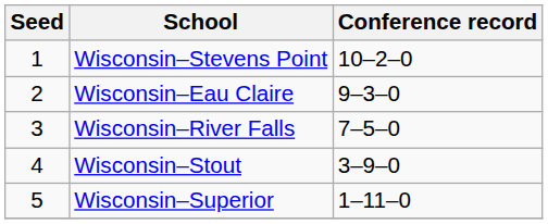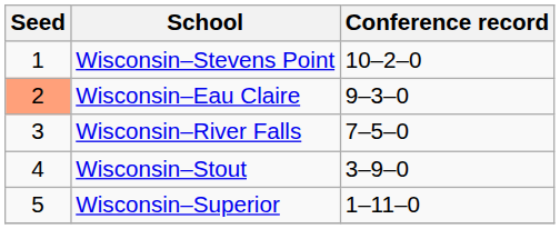 <table class="wikitable">
 <tr>
 <th>Seed</th>
 <th>School</th>
 <th>Conference record</th>
 </tr>
 <tr>
 <td align=center>1</td>
 <td><a href='#'>Wisconsin–Stevens Point</a></td>
 <td>10–2–0</td>
 </tr>
 <tr>
-<td align=center>2</td>
+<td align=center style="background: lightsalmon;">2</td>
 <td><a href='#'>Wisconsin–Eau Claire</a></td>
 <td>9–3–0</td>
 </tr>
 <tr>
 <td align=center>3</td>
 <td><a href='#'>Wisconsin–River Falls</a></td>
 <td>7–5–0</td>
 </tr>
 <tr>
 <td align=center>4</td>
 <td><a href='#'>Wisconsin–Stout</a></td>
 <td>3–9–0</td>
 </tr>
 <tr>
 <td align=center>5</td>
 <td><a href='#'>Wisconsin–Superior</a></td>
 <td>1–11–0</td>
 </tr>
 <tr>
 </tr>
 </table>
